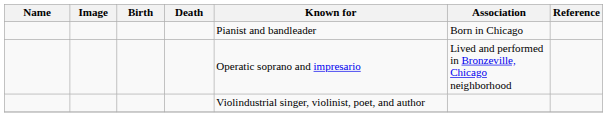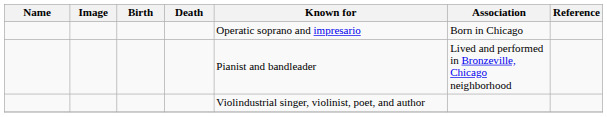 <table class="wikitable sortable">
 <tr>
 <th scope="col" width="140">Name</th>
 <th scope="col" width="80" class="unsortable">Image</th>
 <th scope="col" width="90">Birth</th>
 <th scope="col" width="90">Death</th>
 <th scope="col" width="600" class="unsortable">Known for</th>
 <th scope="col" width="200" class="unsortable">Association</th>
 <th scope="col" width="30" class="unsortable">Reference</th>
 </tr>
 <tr>
 <td></td>
 <td></td>
 <td align=right></td>
 <td align=right></td>
-<td>Pianist and bandleader</td>
+<td>Operatic soprano and <a href='#'>impresario</a></td>
 <td>Born in Chicago</td>
 <td align="center"></td>
 </tr>
 <tr>
 <td></td>
 <td></td>
 <td align=right></td>
 <td align=right></td>
-<td>Operatic soprano and <a href='#'>impresario</a></td>
+<td>Pianist and bandleader</td>
 <td>Lived and performed in <a href='#'>Bronzeville, Chicago</a> neighborhood</td>
 <td align="center"></td>
 </tr>
 <tr>
 <td></td>
 <td></td>
 <td align=right></td>
 <td></td>
 <td>Violindustrial singer, violinist, poet, and author</td>
 <td></td>
 <td align="center"></td>
 </tr>
 <tr>
 </tr>
 </table>
